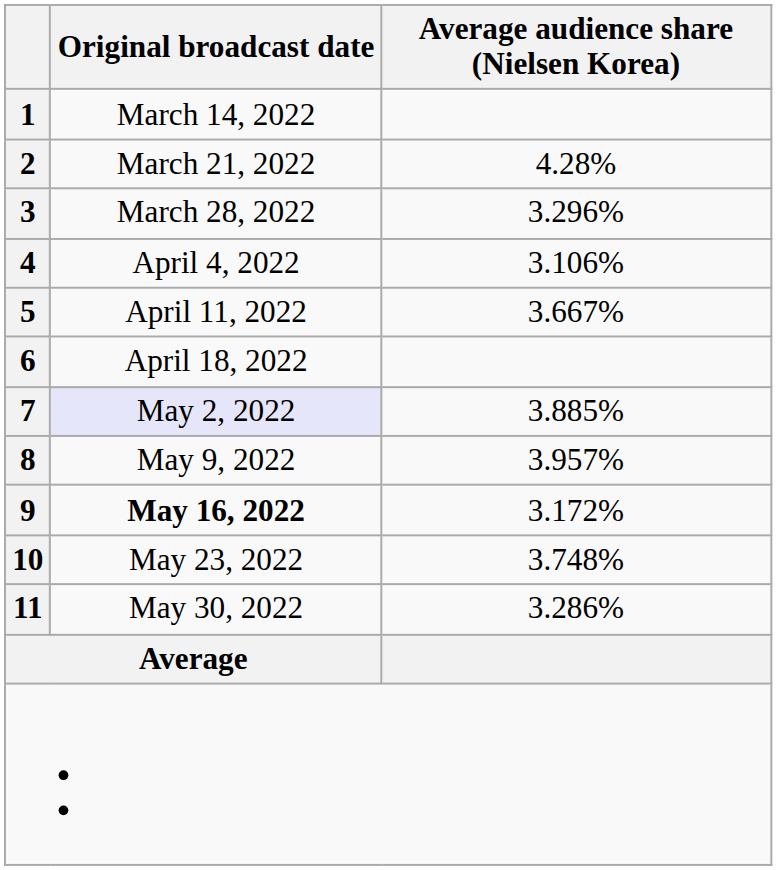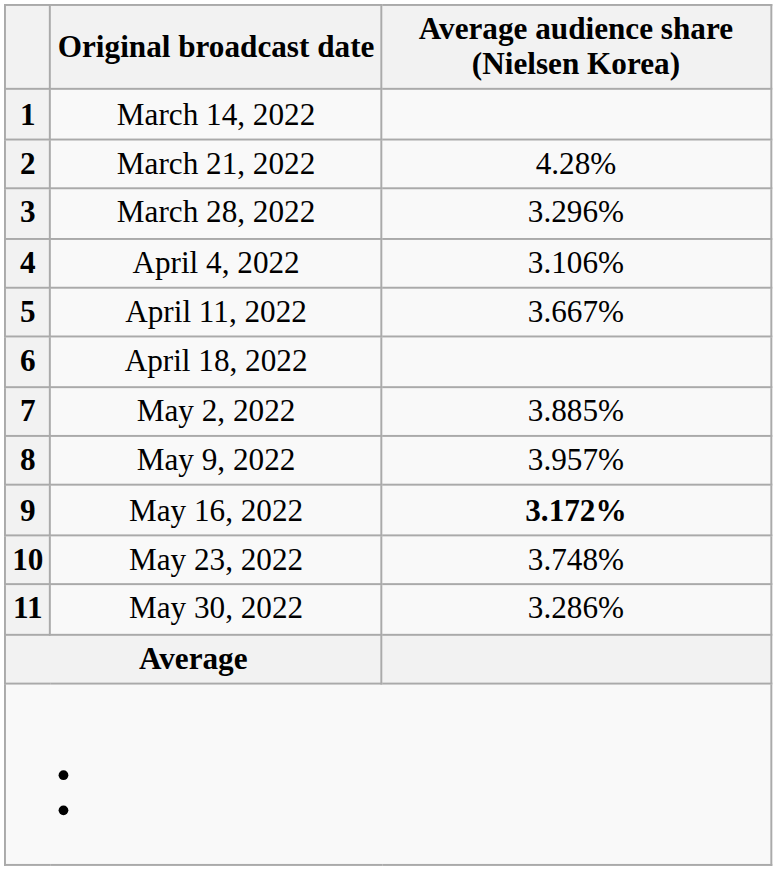 <table class="wikitable" style="text-align:center; max-width:430px">
 <tr>
 <th scope="col"></th>
 <th scope="col">Original broadcast date</th>
 <th scope="col" style="width:12em">Average audience share<br>(Nielsen Korea)</th>
 </tr>
 <tr>
 <th scope="col">1</th>
 <td>March 14, 2022</td>
 <td><strong></strong> </td>
 </tr>
 <tr>
 <th scope="col">2</th>
 <td>March 21, 2022</td>
 <td>4.28% </td>
 </tr>
 <tr>
 <th scope="col">3</th>
 <td>March 28, 2022</td>
 <td>3.296% </td>
 </tr>
 <tr>
 <th scope="col">4</th>
 <td>April 4, 2022</td>
 <td>3.106% </td>
 </tr>
 <tr>
 <th scope="col">5</th>
 <td>April 11, 2022</td>
 <td>3.667% </td>
 </tr>
 <tr>
 <th scope="col">6</th>
 <td>April 18, 2022</td>
 <td><strong></strong> </td>
 </tr>
 <tr>
 <th scope="col">7</th>
-<td style="background: lavender;">May 2, 2022</td>
+<td>May 2, 2022</td>
 <td>3.885% </td>
 </tr>
 <tr>
 <th scope="col">8</th>
 <td>May 9, 2022</td>
 <td>3.957% </td>
 </tr>
 <tr>
 <th scope="col">9</th>
-<td><strong>May 16, 2022</strong></td>
-<td>3.172% </td>
+<td>May 16, 2022</td>
+<td><strong>3.172% </strong></td>
 </tr>
 <tr>
 <th scope="col">10</th>
 <td>May 23, 2022</td>
 <td>3.748% </td>
 </tr>
 <tr>
 <th scope="col">11</th>
 <td>May 30, 2022</td>
 <td>3.286% </td>
 </tr>
 <tr>
 <th scope="col" colspan="2">Average</th>
 <th scope="col"></th>
 </tr>
 <tr>
 <td colspan="3"><br><ul><li></li><li></li></ul></td>
 </tr>
 </table>
